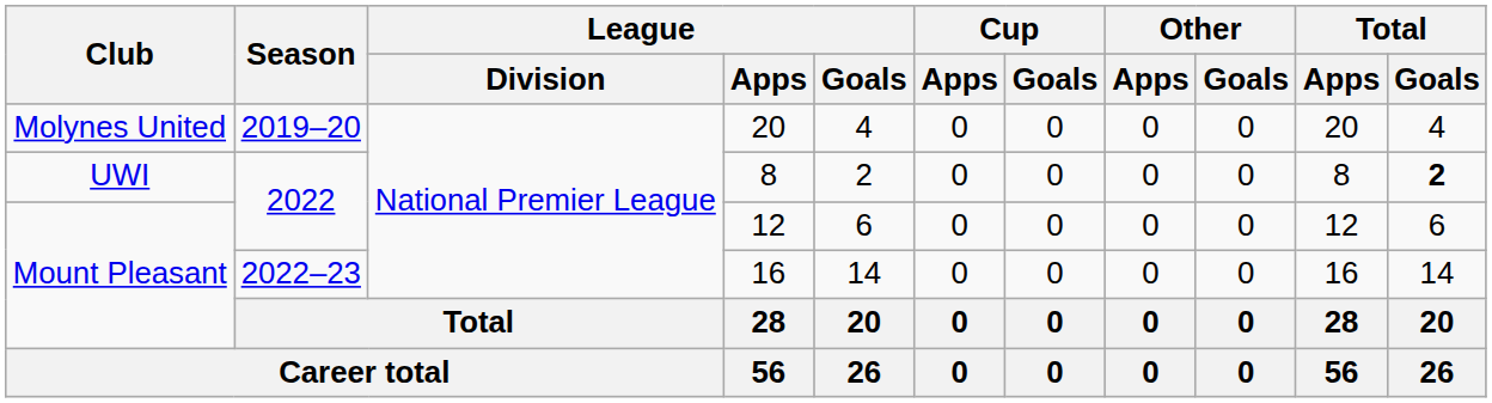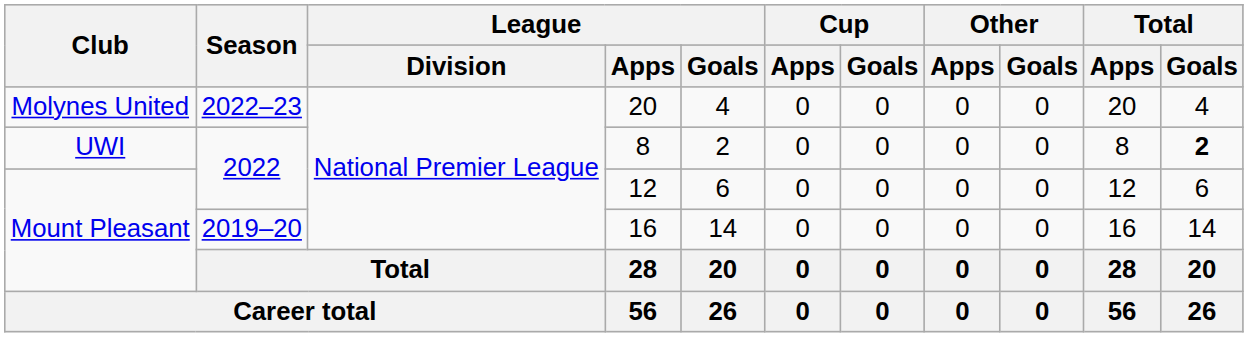 <table class=wikitable style=text-align:center>
 <tr>
 <th rowspan=2>Club</th>
 <th rowspan=2>Season</th>
 <th colspan=3>League</th>
 <th colspan=2>Cup</th>
 <th colspan=2>Other</th>
 <th colspan=2>Total</th>
 </tr>
 <tr>
 <th>Division</th>
 <th>Apps</th>
 <th>Goals</th>
 <th>Apps</th>
 <th>Goals</th>
 <th>Apps</th>
 <th>Goals</th>
 <th>Apps</th>
 <th>Goals</th>
 </tr>
 <tr>
 <td><a href='#'>Molynes United</a></td>
-<td><a href='#'>2019–20</a></td>
+<td><a href='#'>2022–23</a></td>
 <td rowspan=4><a href='#'>National Premier League</a></td>
 <td>20</td>
 <td>4</td>
 <td>0</td>
 <td>0</td>
 <td>0</td>
 <td>0</td>
 <td>20</td>
 <td>4</td>
 </tr>
 <tr>
 <td><a href='#'>UWI</a></td>
 <td rowspan=2><a href='#'>2022</a></td>
 <td>8</td>
 <td>2</td>
 <td>0</td>
 <td>0</td>
 <td>0</td>
 <td>0</td>
 <td>8</td>
 <td><strong>2</strong></td>
 </tr>
 <tr>
 <td rowspan=3><a href='#'>Mount Pleasant</a></td>
 <td>12</td>
 <td>6</td>
 <td>0</td>
 <td>0</td>
 <td>0</td>
 <td>0</td>
 <td>12</td>
 <td>6</td>
 </tr>
 <tr>
-<td><a href='#'>2022–23</a></td>
+<td><a href='#'>2019–20</a></td>
 <td>16</td>
 <td>14</td>
 <td>0</td>
 <td>0</td>
 <td>0</td>
 <td>0</td>
 <td>16</td>
 <td>14</td>
 </tr>
 <tr>
 <th colspan=2>Total</th>
 <th>28</th>
 <th>20</th>
 <th>0</th>
 <th>0</th>
 <th>0</th>
 <th>0</th>
 <th>28</th>
 <th>20</th>
 </tr>
 <tr>
 <th colspan=3>Career total</th>
 <th>56</th>
 <th>26</th>
 <th>0</th>
 <th>0</th>
 <th>0</th>
 <th>0</th>
 <th>56</th>
 <th>26</th>
 </tr>
 </table>
